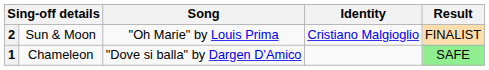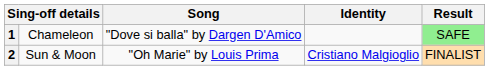 <table class="wikitable plainrowheaders" style="text-align: center;">
 <tr>
 <th colspan="2">Sing-off details</th>
 <th>Song</th>
 <th>Identity</th>
 <th>Result</th>
 </tr>
 <tr>
+<th>1</th>
+<td>Chameleon</td>
+<td>"Dove si balla" by <a href='#'>Dargen D'Amico</a></td>
+<td></td>
+<td bgcolor=lightgreen>SAFE</td>
+</tr>
+<tr>
 <th>2</th>
 <td>Sun & Moon</td>
 <td>"Oh Marie" by <a href='#'>Louis Prima</a></td>
 <td><a href='#'>Cristiano Malgioglio</a></td>
 <td bgcolor=navajowhite>FINALIST</td>
 </tr>
-<tr>
-<th>1</th>
-<td>Chameleon</td>
-<td>"Dove si balla" by <a href='#'>Dargen D'Amico</a></td>
-<td></td>
-<td bgcolor=lightgreen>SAFE</td>
-</tr>
 </table>
